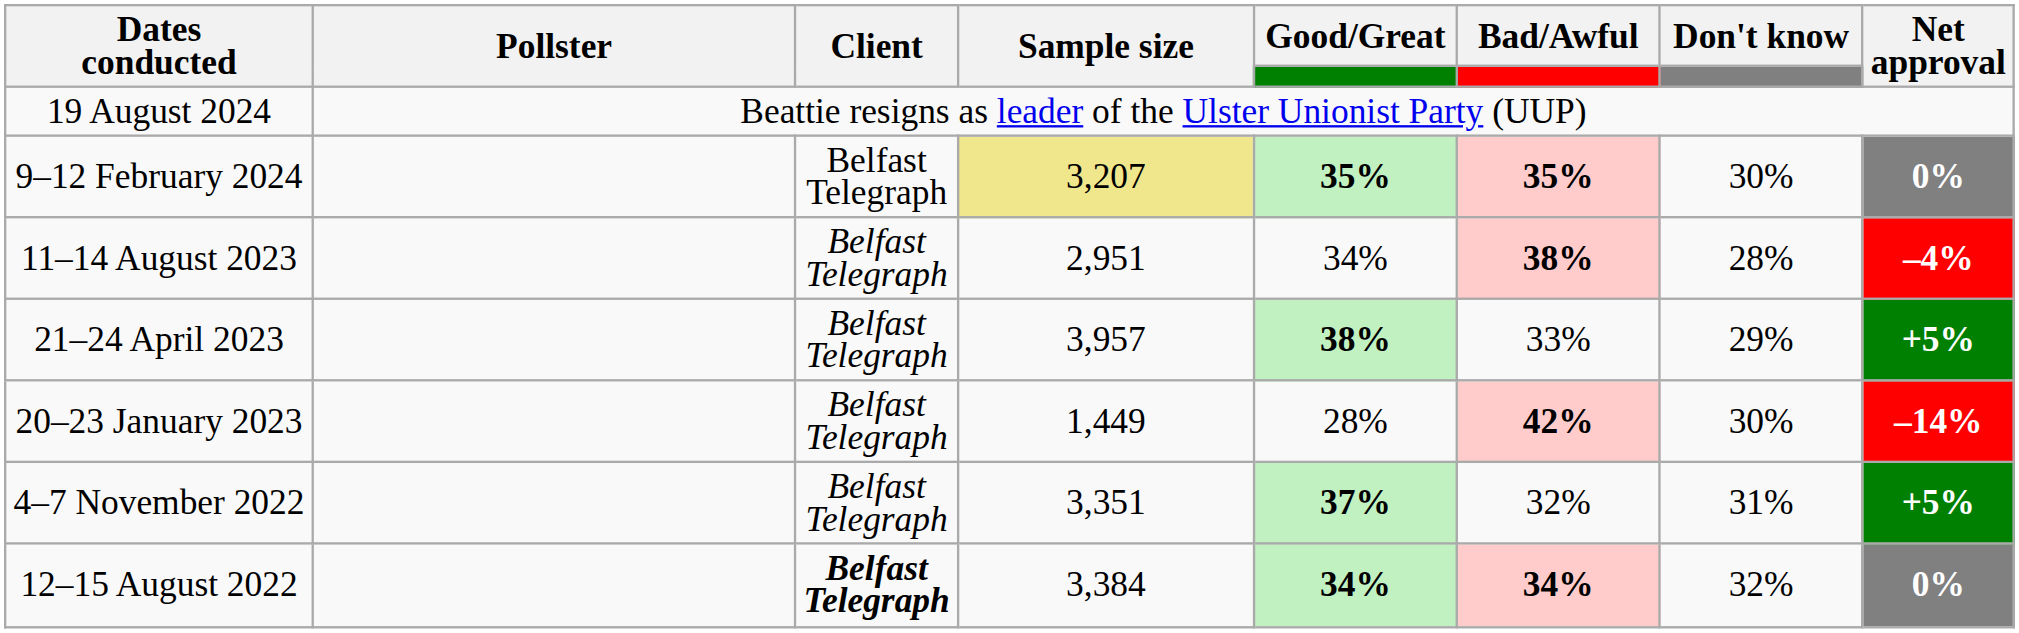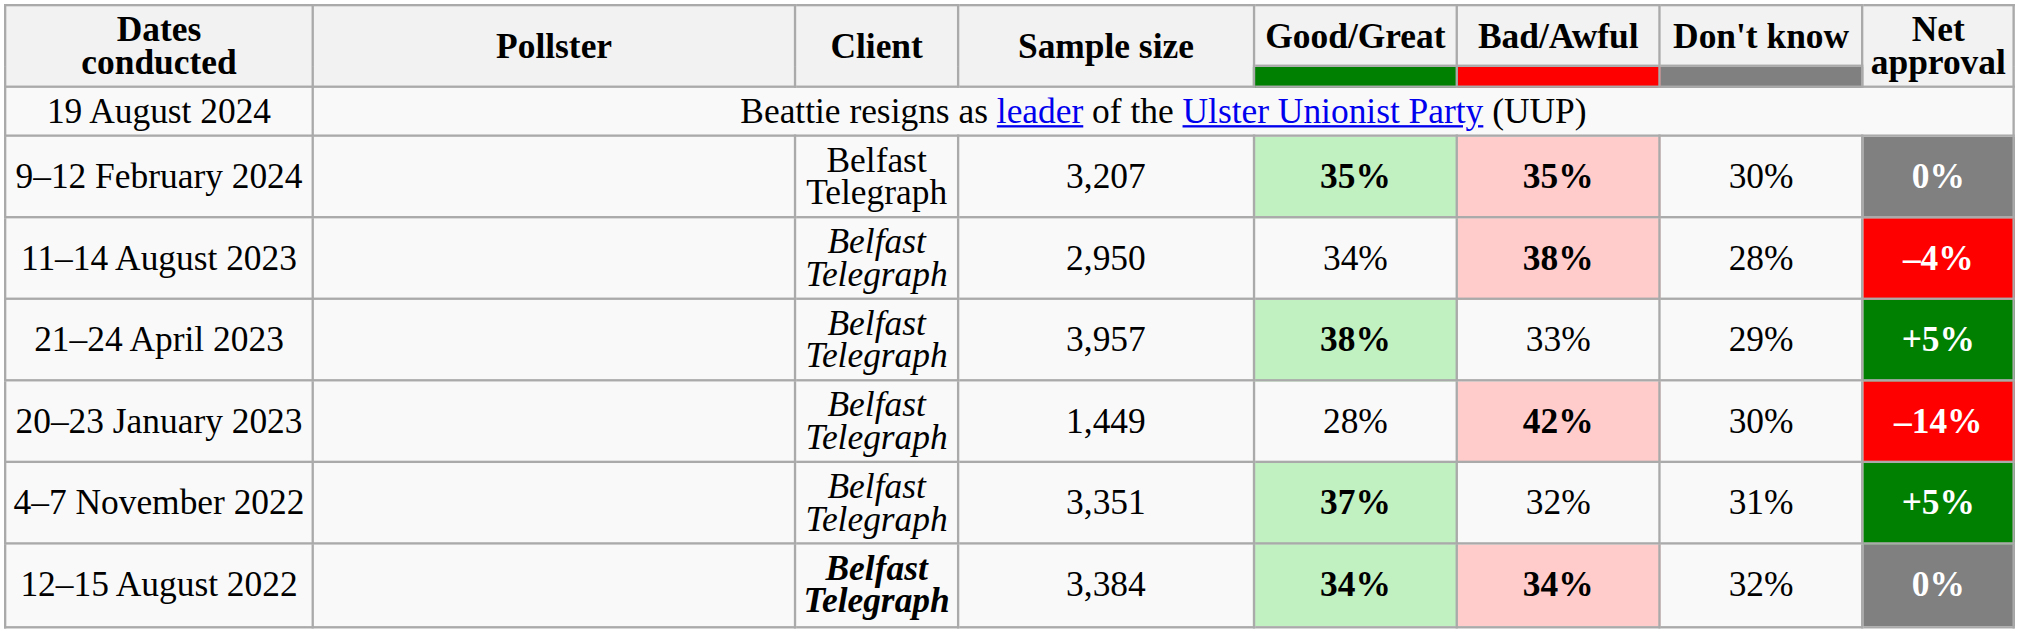 <table class="wikitable collapsible sortable mw-datatable" style="text-align:center;font-size:95%;line-height:14px;">
 <tr>
 <th style="width:125px;" rowspan="2">Dates<br>conducted</th>
 <th style="width:200px;" rowspan="2">Pollster</th>
 <th style="width:60px;" rowspan="2">Client</th>
 <th style="width:120px;" rowspan="2">Sample size</th>
 <th class="unsortable" style="width:80px;">Good/Great</th>
 <th class="unsortable" style="width: 80px;">Bad/Awful</th>
 <th class="unsortable" style="width:80px;">Don't know</th>
 <th class="unsortable" style="width:20px;" rowspan="2">Net approval</th>
 </tr>
 <tr>
 <th class="unsortable" style="background:green;width:60px;"></th>
 <th class="unsortable" style="background:red;width:60px;"></th>
 <th class="unsortable" style="background:grey;width:60px;"></th>
 </tr>
 <tr>
 <td>19 August 2024</td>
 <td colspan="7">Beattie resigns as <a href='#'>leader</a> of the <a href='#'>Ulster Unionist Party</a> (UUP)</td>
 </tr>
 <tr>
 <td>9–12 February 2024</td>
 <td></td>
 <td>Belfast Telegraph</td>
-<td style="background: khaki;">3,207</td>
+<td>3,207</td>
 <td style="background:#C1F0C1"><strong>35%</strong></td>
 <td style="background:#ffcccb"><strong>35%</strong></td>
 <td>30%</td>
 <td style="background:grey;color:white;"><strong>0%</strong></td>
 </tr>
 <tr>
 <td>11–14 August 2023</td>
 <td></td>
 <td><em>Belfast Telegraph</em></td>
-<td>2,951</td>
+<td>2,950</td>
 <td>34%</td>
 <td style="background:#ffcccb"><strong>38%</strong></td>
 <td>28%</td>
 <td style="background:red;color:white"><strong>–4%</strong></td>
 </tr>
 <tr>
 <td>21–24 April 2023</td>
 <td></td>
 <td><em>Belfast Telegraph</em></td>
 <td>3,957</td>
 <td style="background:#C1F0C1"><strong>38%</strong></td>
 <td>33%</td>
 <td>29%</td>
 <td style="background:green;color:white"><strong>+5%</strong></td>
 </tr>
 <tr>
 <td>20–23 January 2023</td>
 <td></td>
 <td><em>Belfast Telegraph</em></td>
 <td>1,449</td>
 <td>28%</td>
 <td style="background:#ffcccb"><strong>42%</strong></td>
 <td>30%</td>
 <td style="background:red;color:white"><strong>–14%</strong></td>
 </tr>
 <tr>
 <td>4–7 November 2022</td>
 <td></td>
 <td><em>Belfast Telegraph</em></td>
 <td>3,351</td>
 <td style="background:#C1F0C1"><strong>37%</strong></td>
 <td>32%</td>
 <td>31%</td>
 <td style="background:green;color:white"><strong>+5%</strong></td>
 </tr>
 <tr>
 <td>12–15 August 2022</td>
 <td></td>
 <td><strong><em>Belfast Telegraph</em></strong></td>
 <td>3,384</td>
 <td style="background:#C1F0C1"><strong>34%</strong></td>
 <td style="background:#ffcccb"><strong>34%</strong></td>
 <td>32%</td>
 <td style="background:grey;color:white;"><strong>0%</strong></td>
 </tr>
 </table>
